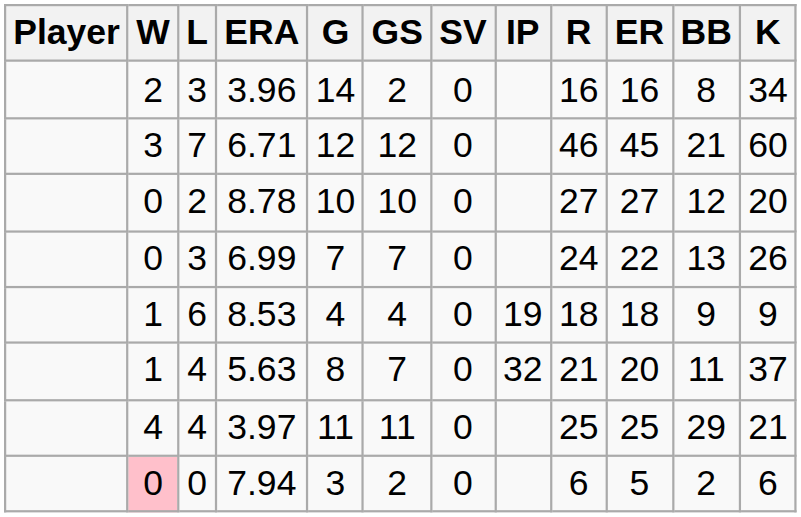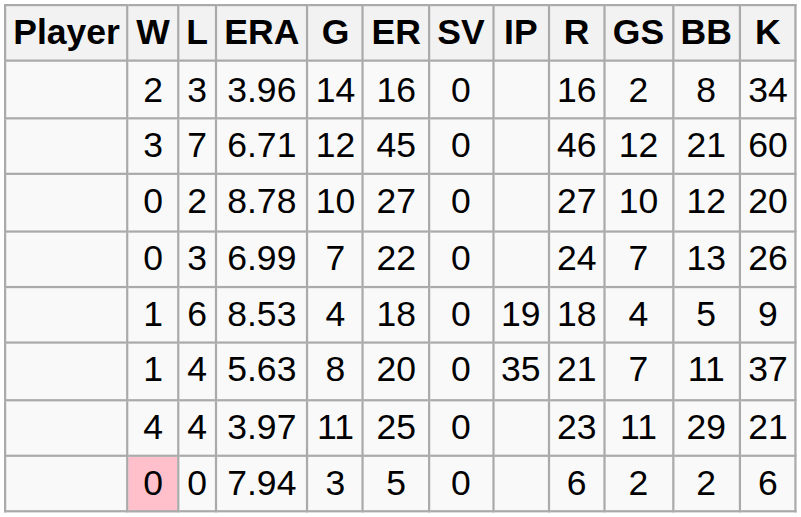 <table class="wikitable sortable" style="text-align:center">
 <tr>
 <th>Player</th>
 <th>W</th>
 <th>L</th>
 <th>ERA</th>
 <th>G</th>
-<th>GS</th>
+<th>ER</th>
 <th>SV</th>
 <th>IP</th>
 <th>R</th>
-<th>ER</th>
+<th>GS</th>
 <th>BB</th>
 <th>K</th>
 </tr>
 <tr>
 <td align=left></td>
 <td>2</td>
 <td>3</td>
 <td>3.96</td>
 <td>14</td>
-<td>2</td>
+<td>16</td>
 <td>0</td>
 <td></td>
 <td>16</td>
-<td>16</td>
+<td>2</td>
 <td>8</td>
 <td>34</td>
 </tr>
 <tr>
 <td align=left></td>
 <td>3</td>
 <td>7</td>
 <td>6.71</td>
 <td>12</td>
-<td>12</td>
+<td>45</td>
 <td>0</td>
 <td></td>
 <td>46</td>
-<td>45</td>
+<td>12</td>
 <td>21</td>
 <td>60</td>
 </tr>
 <tr>
 <td align=left></td>
 <td>0</td>
 <td>2</td>
 <td>8.78</td>
 <td>10</td>
-<td>10</td>
+<td>27</td>
 <td>0</td>
 <td></td>
 <td>27</td>
-<td>27</td>
+<td>10</td>
 <td>12</td>
 <td>20</td>
 </tr>
 <tr>
 <td align=left></td>
 <td>0</td>
 <td>3</td>
 <td>6.99</td>
 <td>7</td>
-<td>7</td>
+<td>22</td>
 <td>0</td>
 <td></td>
 <td>24</td>
-<td>22</td>
+<td>7</td>
 <td>13</td>
 <td>26</td>
 </tr>
 <tr>
 <td align=left></td>
 <td>1</td>
 <td>6</td>
 <td>8.53</td>
 <td>4</td>
-<td>4</td>
+<td>18</td>
 <td>0</td>
 <td>19</td>
 <td>18</td>
-<td>18</td>
-<td>9</td>
+<td>4</td>
+<td>5</td>
 <td>9</td>
 </tr>
 <tr>
 <td align=left></td>
 <td>1</td>
 <td>4</td>
 <td>5.63</td>
 <td>8</td>
+<td>20</td>
+<td>0</td>
+<td>35</td>
+<td>21</td>
 <td>7</td>
-<td>0</td>
-<td>32</td>
-<td>21</td>
-<td>20</td>
 <td>11</td>
 <td>37</td>
 </tr>
 <tr>
 <td align=left></td>
 <td>4</td>
 <td>4</td>
 <td>3.97</td>
 <td>11</td>
-<td>11</td>
+<td>25</td>
 <td>0</td>
 <td></td>
-<td>25</td>
-<td>25</td>
+<td>23</td>
+<td>11</td>
 <td>29</td>
 <td>21</td>
 </tr>
 <tr>
 <td align=left></td>
 <td style="background: pink;">0</td>
 <td>0</td>
 <td>7.94</td>
 <td>3</td>
-<td>2</td>
+<td>5</td>
 <td>0</td>
 <td></td>
 <td>6</td>
-<td>5</td>
+<td>2</td>
 <td>2</td>
 <td>6</td>
 </tr>
 </table>
